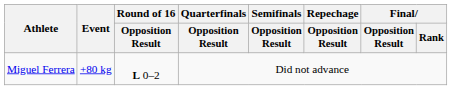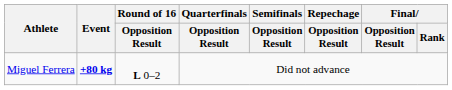 <table class=wikitable style=font-size:90%;text-align:center>
 <tr>
 <th rowspan=2>Athlete</th>
 <th rowspan=2>Event</th>
 <th>Round of 16</th>
 <th>Quarterfinals</th>
 <th>Semifinals</th>
 <th>Repechage</th>
 <th colspan=2>Final/ </th>
 </tr>
 <tr style=font-size:95%>
 <th>Opposition<br>Result</th>
 <th>Opposition<br>Result</th>
 <th>Opposition<br>Result</th>
 <th>Opposition<br>Result</th>
 <th>Opposition<br>Result</th>
 <th>Rank</th>
 </tr>
 <tr align=center>
 <td align=left><a href='#'>Miguel Ferrera</a></td>
-<td align=left><a href='#'>+80 kg</a></td>
+<td align=left><strong><a href='#'>+80 kg</a></strong></td>
 <td><br><strong>L</strong> 0–2</td>
 <td colspan=5>Did not advance</td>
 </tr>
 </table>
